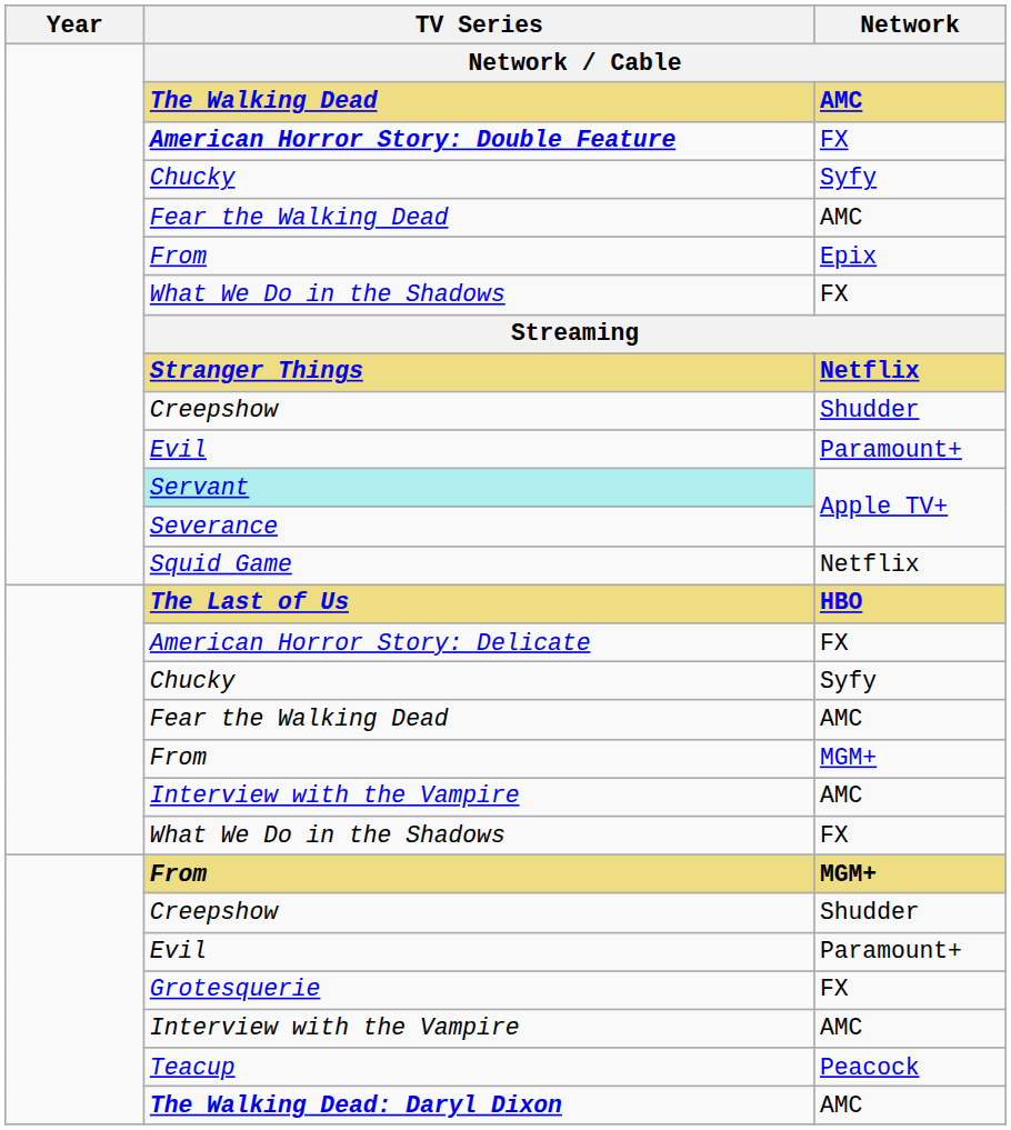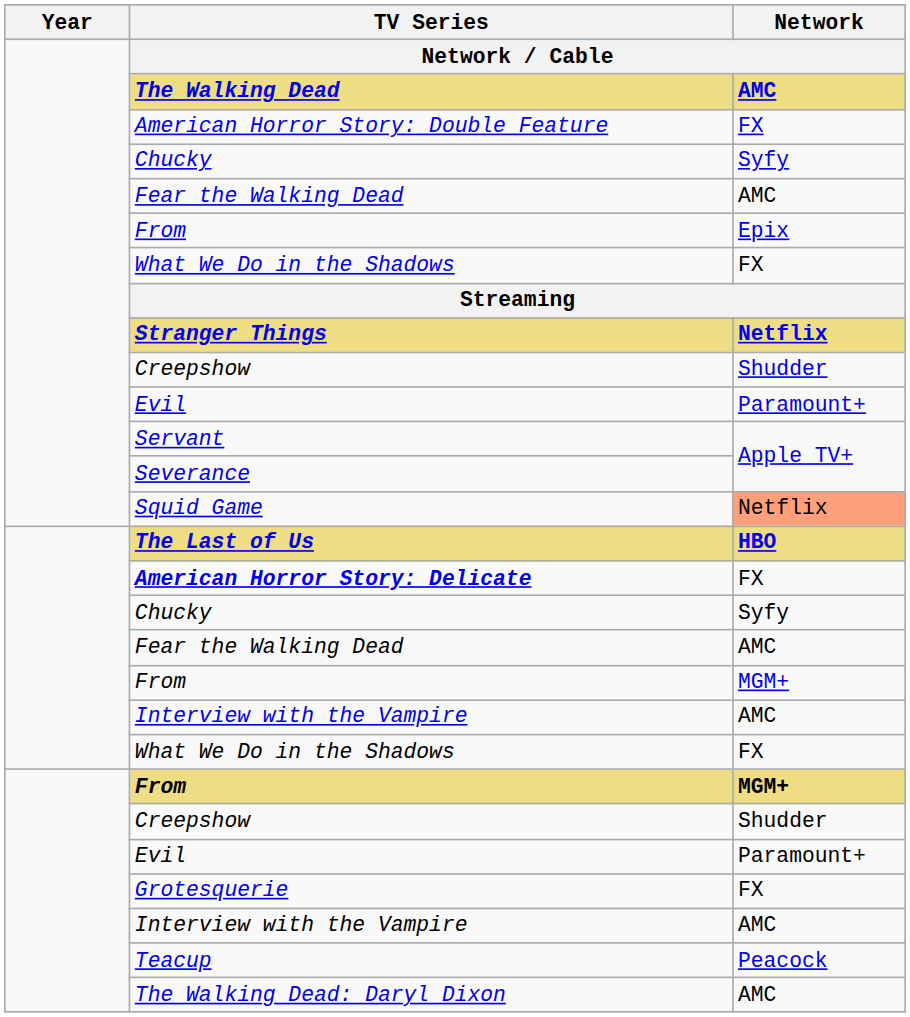 <table class="wikitable" width="550px" border="1" cellpadding="5" cellspacing="0" align="centre">
 <tr>
 <th width="70px">Year</th>
 <th>TV Series</th>
 <th>Network</th>
 </tr>
 <tr>
 <td rowspan="14"></td>
 <th colspan="2">Network / Cable</th>
 </tr>
 <tr>
 <td style="background:#EEDD82"><strong><em><a href='#'>The Walking Dead</a></em></strong></td>
 <td style="background:#EEDD82"><strong><a href='#'>AMC</a></strong></td>
 </tr>
 <tr>
-<td><strong><em><a href='#'>American Horror Story: Double Feature</a></em></strong></td>
+<td><em><a href='#'>American Horror Story: Double Feature</a></em></td>
 <td><a href='#'>FX</a></td>
 </tr>
 <tr>
 <td><em><a href='#'>Chucky</a></em></td>
 <td><a href='#'>Syfy</a></td>
 </tr>
 <tr>
 <td><em><a href='#'>Fear the Walking Dead</a></em></td>
 <td>AMC</td>
 </tr>
 <tr>
 <td><em><a href='#'>From</a></em></td>
 <td><a href='#'>Epix</a></td>
 </tr>
 <tr>
 <td><em><a href='#'>What We Do in the Shadows</a></em></td>
 <td>FX</td>
 </tr>
 <tr>
 <th colspan="2">Streaming</th>
 </tr>
 <tr>
 <td style="background:#EEDD82"><strong><em><a href='#'>Stranger Things</a></em></strong></td>
 <td style="background:#EEDD82"><strong><a href='#'>Netflix</a></strong></td>
 </tr>
 <tr>
 <td><em>Creepshow</em></td>
 <td><a href='#'>Shudder</a></td>
 </tr>
 <tr>
 <td><em><a href='#'>Evil</a></em></td>
 <td><a href='#'>Paramount+</a></td>
 </tr>
 <tr>
-<td style="background: paleturquoise;"><em><a href='#'>Servant</a></em></td>
+<td><em><a href='#'>Servant</a></em></td>
 <td rowspan="2"><a href='#'>Apple TV+</a></td>
 </tr>
 <tr>
 <td><em><a href='#'>Severance</a></em></td>
 </tr>
 <tr>
 <td><em><a href='#'>Squid Game</a></em></td>
-<td>Netflix</td>
+<td style="background: lightsalmon;">Netflix</td>
 </tr>
 <tr>
 <td rowspan="7"></td>
 <td style="background:#EEDD82"><strong><em><a href='#'>The Last of Us</a></em></strong></td>
 <td style="background:#EEDD82"><strong><a href='#'>HBO</a></strong></td>
 </tr>
 <tr>
-<td><em><a href='#'>American Horror Story: Delicate</a></em></td>
+<td><strong><em><a href='#'>American Horror Story: Delicate</a></em></strong></td>
 <td>FX</td>
 </tr>
 <tr>
 <td><em>Chucky</em></td>
 <td>Syfy</td>
 </tr>
 <tr>
 <td><em>Fear the Walking Dead</em></td>
 <td>AMC</td>
 </tr>
 <tr>
 <td><em>From</em></td>
 <td><a href='#'>MGM+</a></td>
 </tr>
 <tr>
 <td><em><a href='#'>Interview with the Vampire</a></em></td>
 <td>AMC</td>
 </tr>
 <tr>
 <td><em>What We Do in the Shadows</em></td>
 <td>FX</td>
 </tr>
 <tr>
 <td rowspan="7"></td>
 <td style="background:#EEDD82"><strong><em>From</em></strong></td>
 <td style="background:#EEDD82"><strong>MGM+</strong></td>
 </tr>
 <tr>
 <td><em>Creepshow</em></td>
 <td>Shudder</td>
 </tr>
 <tr>
 <td><em>Evil</em></td>
 <td>Paramount+</td>
 </tr>
 <tr>
 <td><em><a href='#'>Grotesquerie</a></em></td>
 <td>FX</td>
 </tr>
 <tr>
 <td><em>Interview with the Vampire</em></td>
 <td>AMC</td>
 </tr>
 <tr>
 <td><em><a href='#'>Teacup</a></em></td>
 <td><a href='#'>Peacock</a></td>
 </tr>
 <tr>
-<td><strong><em><a href='#'>The Walking Dead: Daryl Dixon</a></em></strong></td>
+<td><em><a href='#'>The Walking Dead: Daryl Dixon</a></em></td>
 <td>AMC</td>
 </tr>
 </table>
